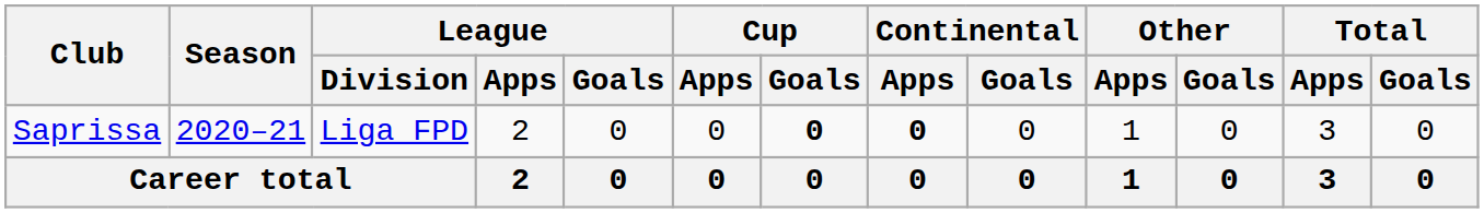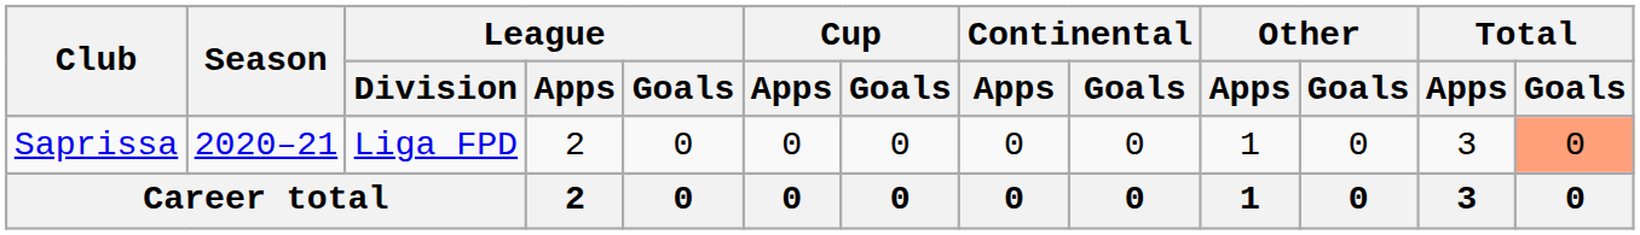 <table class="wikitable" style="text-align: center">
 <tr>
 <th rowspan="2">Club</th>
 <th rowspan="2">Season</th>
 <th colspan="3">League</th>
 <th colspan="2">Cup</th>
 <th colspan="2">Continental</th>
 <th colspan="2">Other</th>
 <th colspan="2">Total</th>
 </tr>
 <tr>
 <th>Division</th>
 <th>Apps</th>
 <th>Goals</th>
 <th>Apps</th>
 <th>Goals</th>
 <th>Apps</th>
 <th>Goals</th>
 <th>Apps</th>
 <th>Goals</th>
 <th>Apps</th>
 <th>Goals</th>
 </tr>
 <tr>
 <td><a href='#'>Saprissa</a></td>
 <td><a href='#'>2020–21</a></td>
 <td><a href='#'>Liga FPD</a></td>
 <td>2</td>
 <td>0</td>
 <td>0</td>
-<td><strong>0</strong></td>
-<td><strong>0</strong></td>
+<td>0</td>
+<td>0</td>
 <td>0</td>
 <td>1</td>
 <td>0</td>
 <td>3</td>
-<td>0</td>
+<td style="background: lightsalmon;">0</td>
 </tr>
 <tr>
 <th colspan="3"><strong>Career total</strong></th>
 <th>2</th>
 <th>0</th>
 <th>0</th>
 <th>0</th>
 <th>0</th>
 <th>0</th>
 <th>1</th>
 <th>0</th>
 <th>3</th>
 <th>0</th>
 </tr>
 </table>
